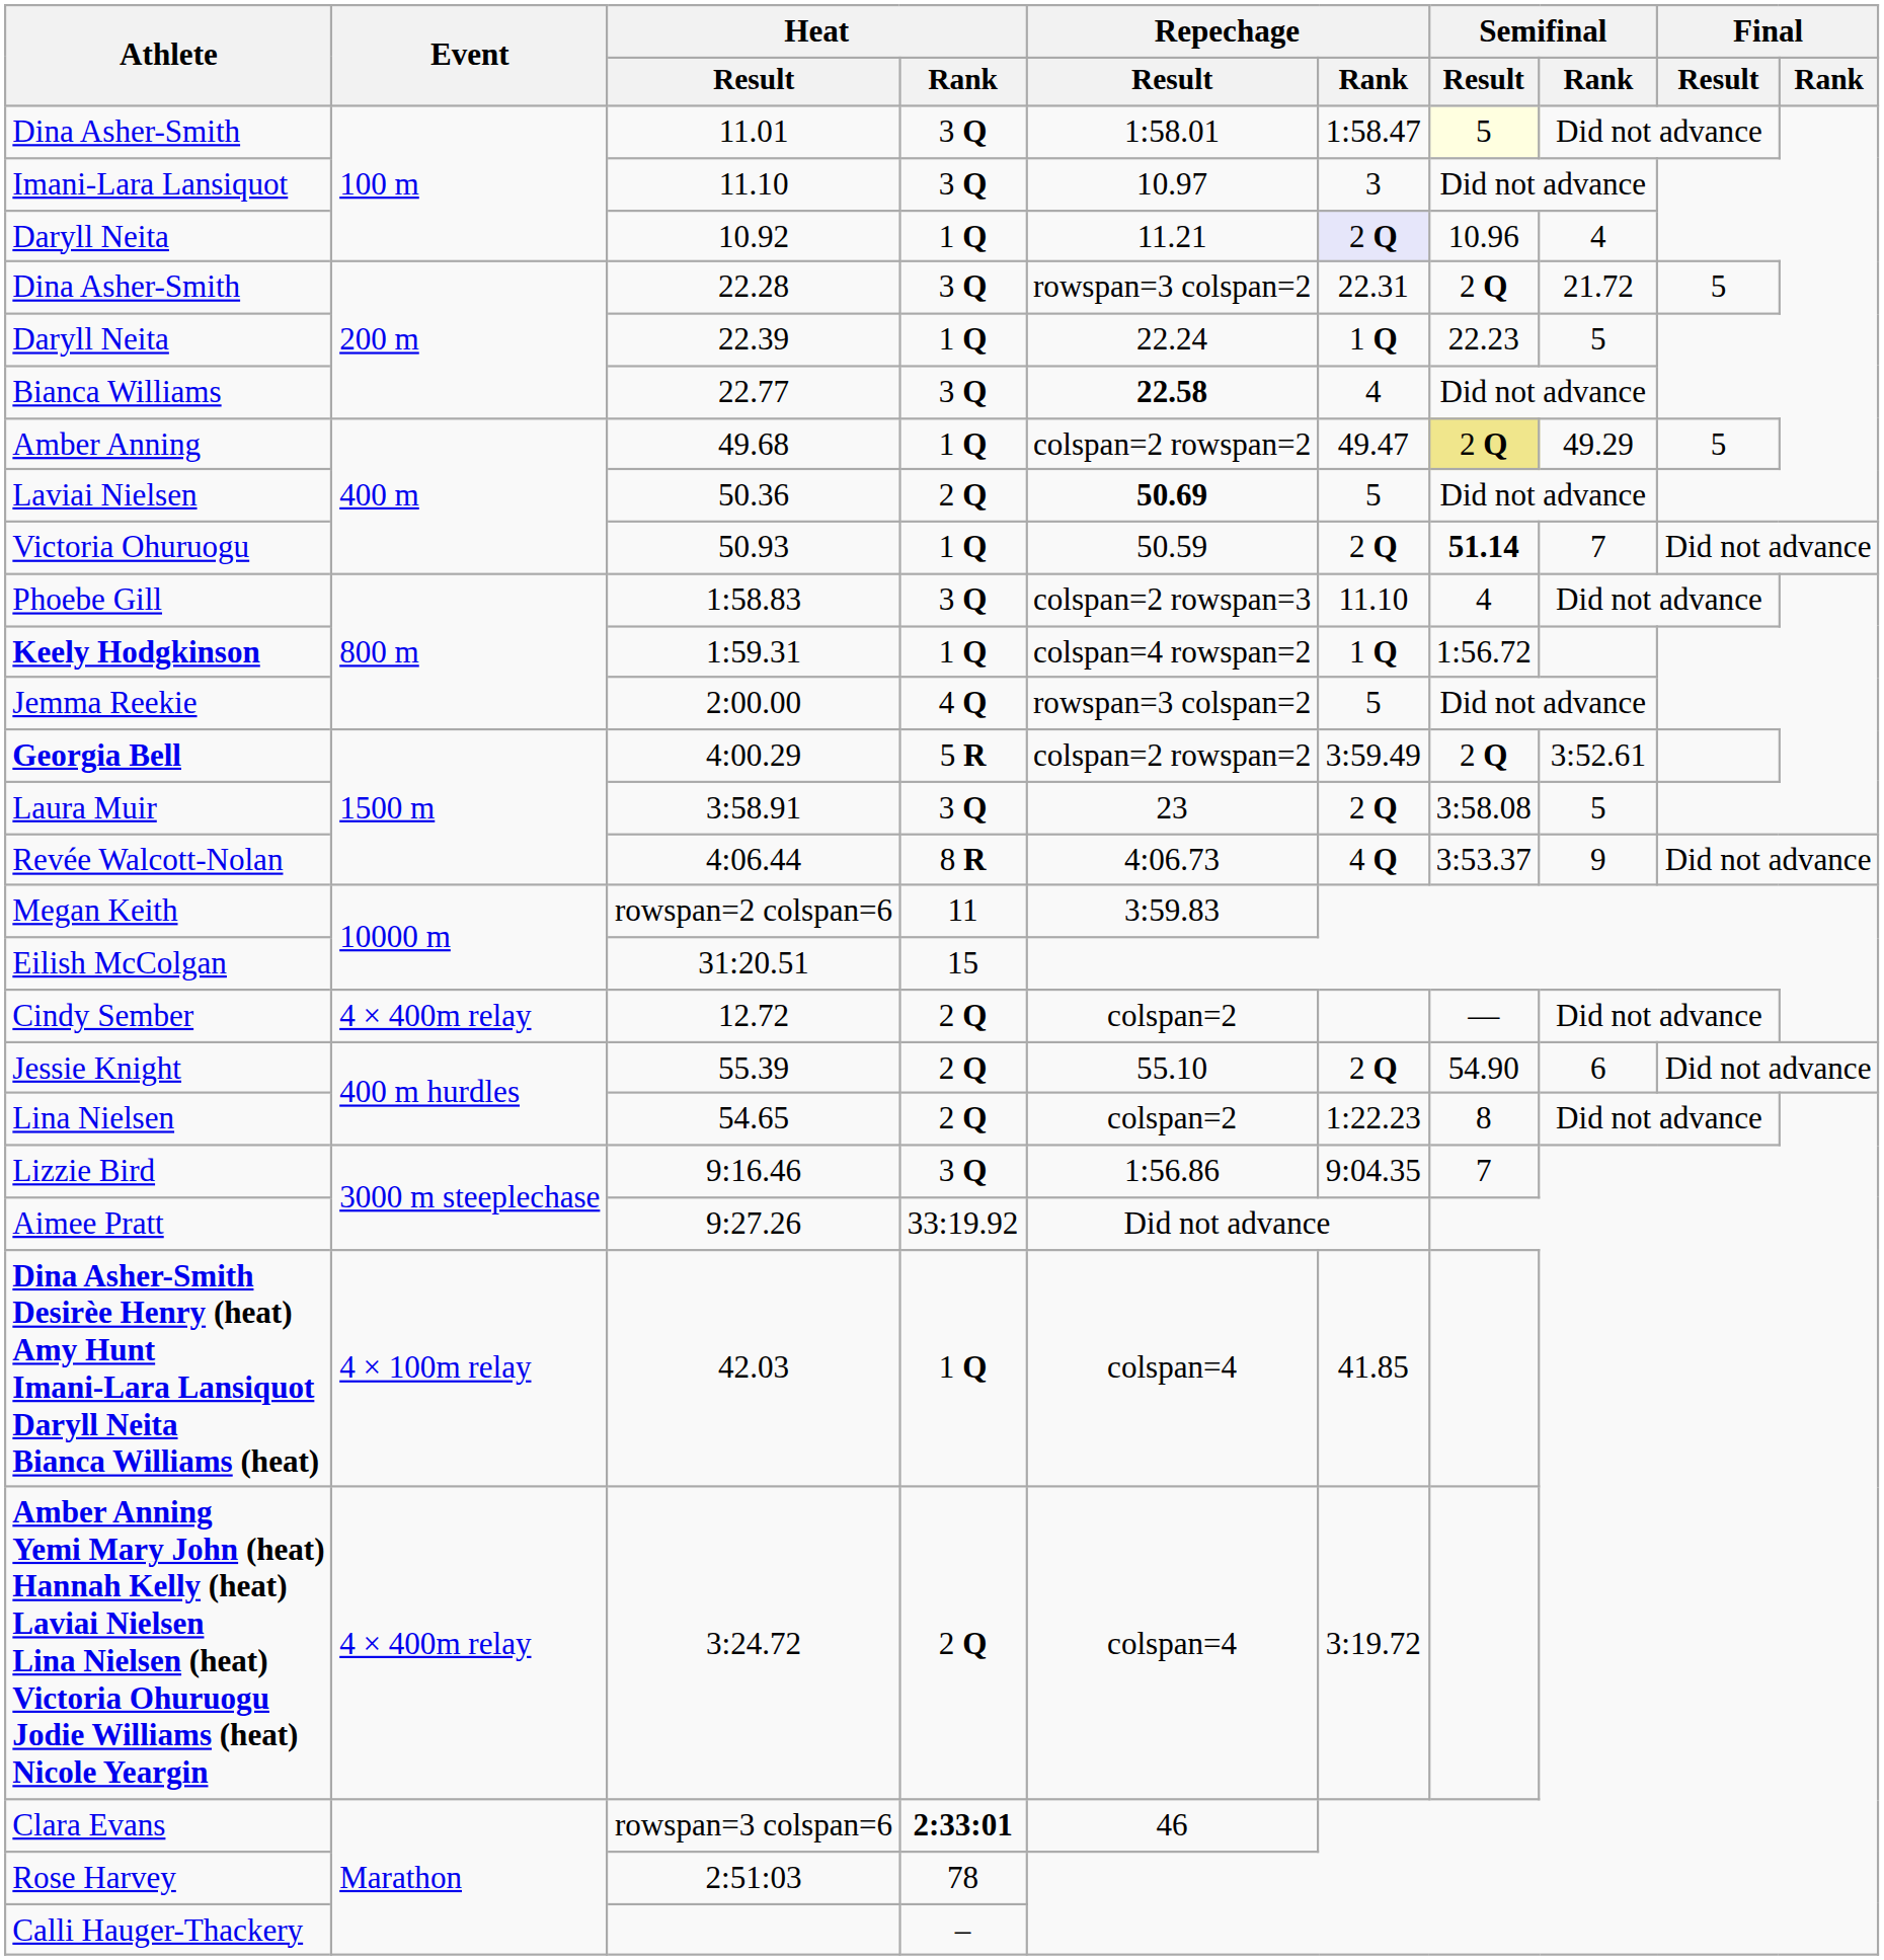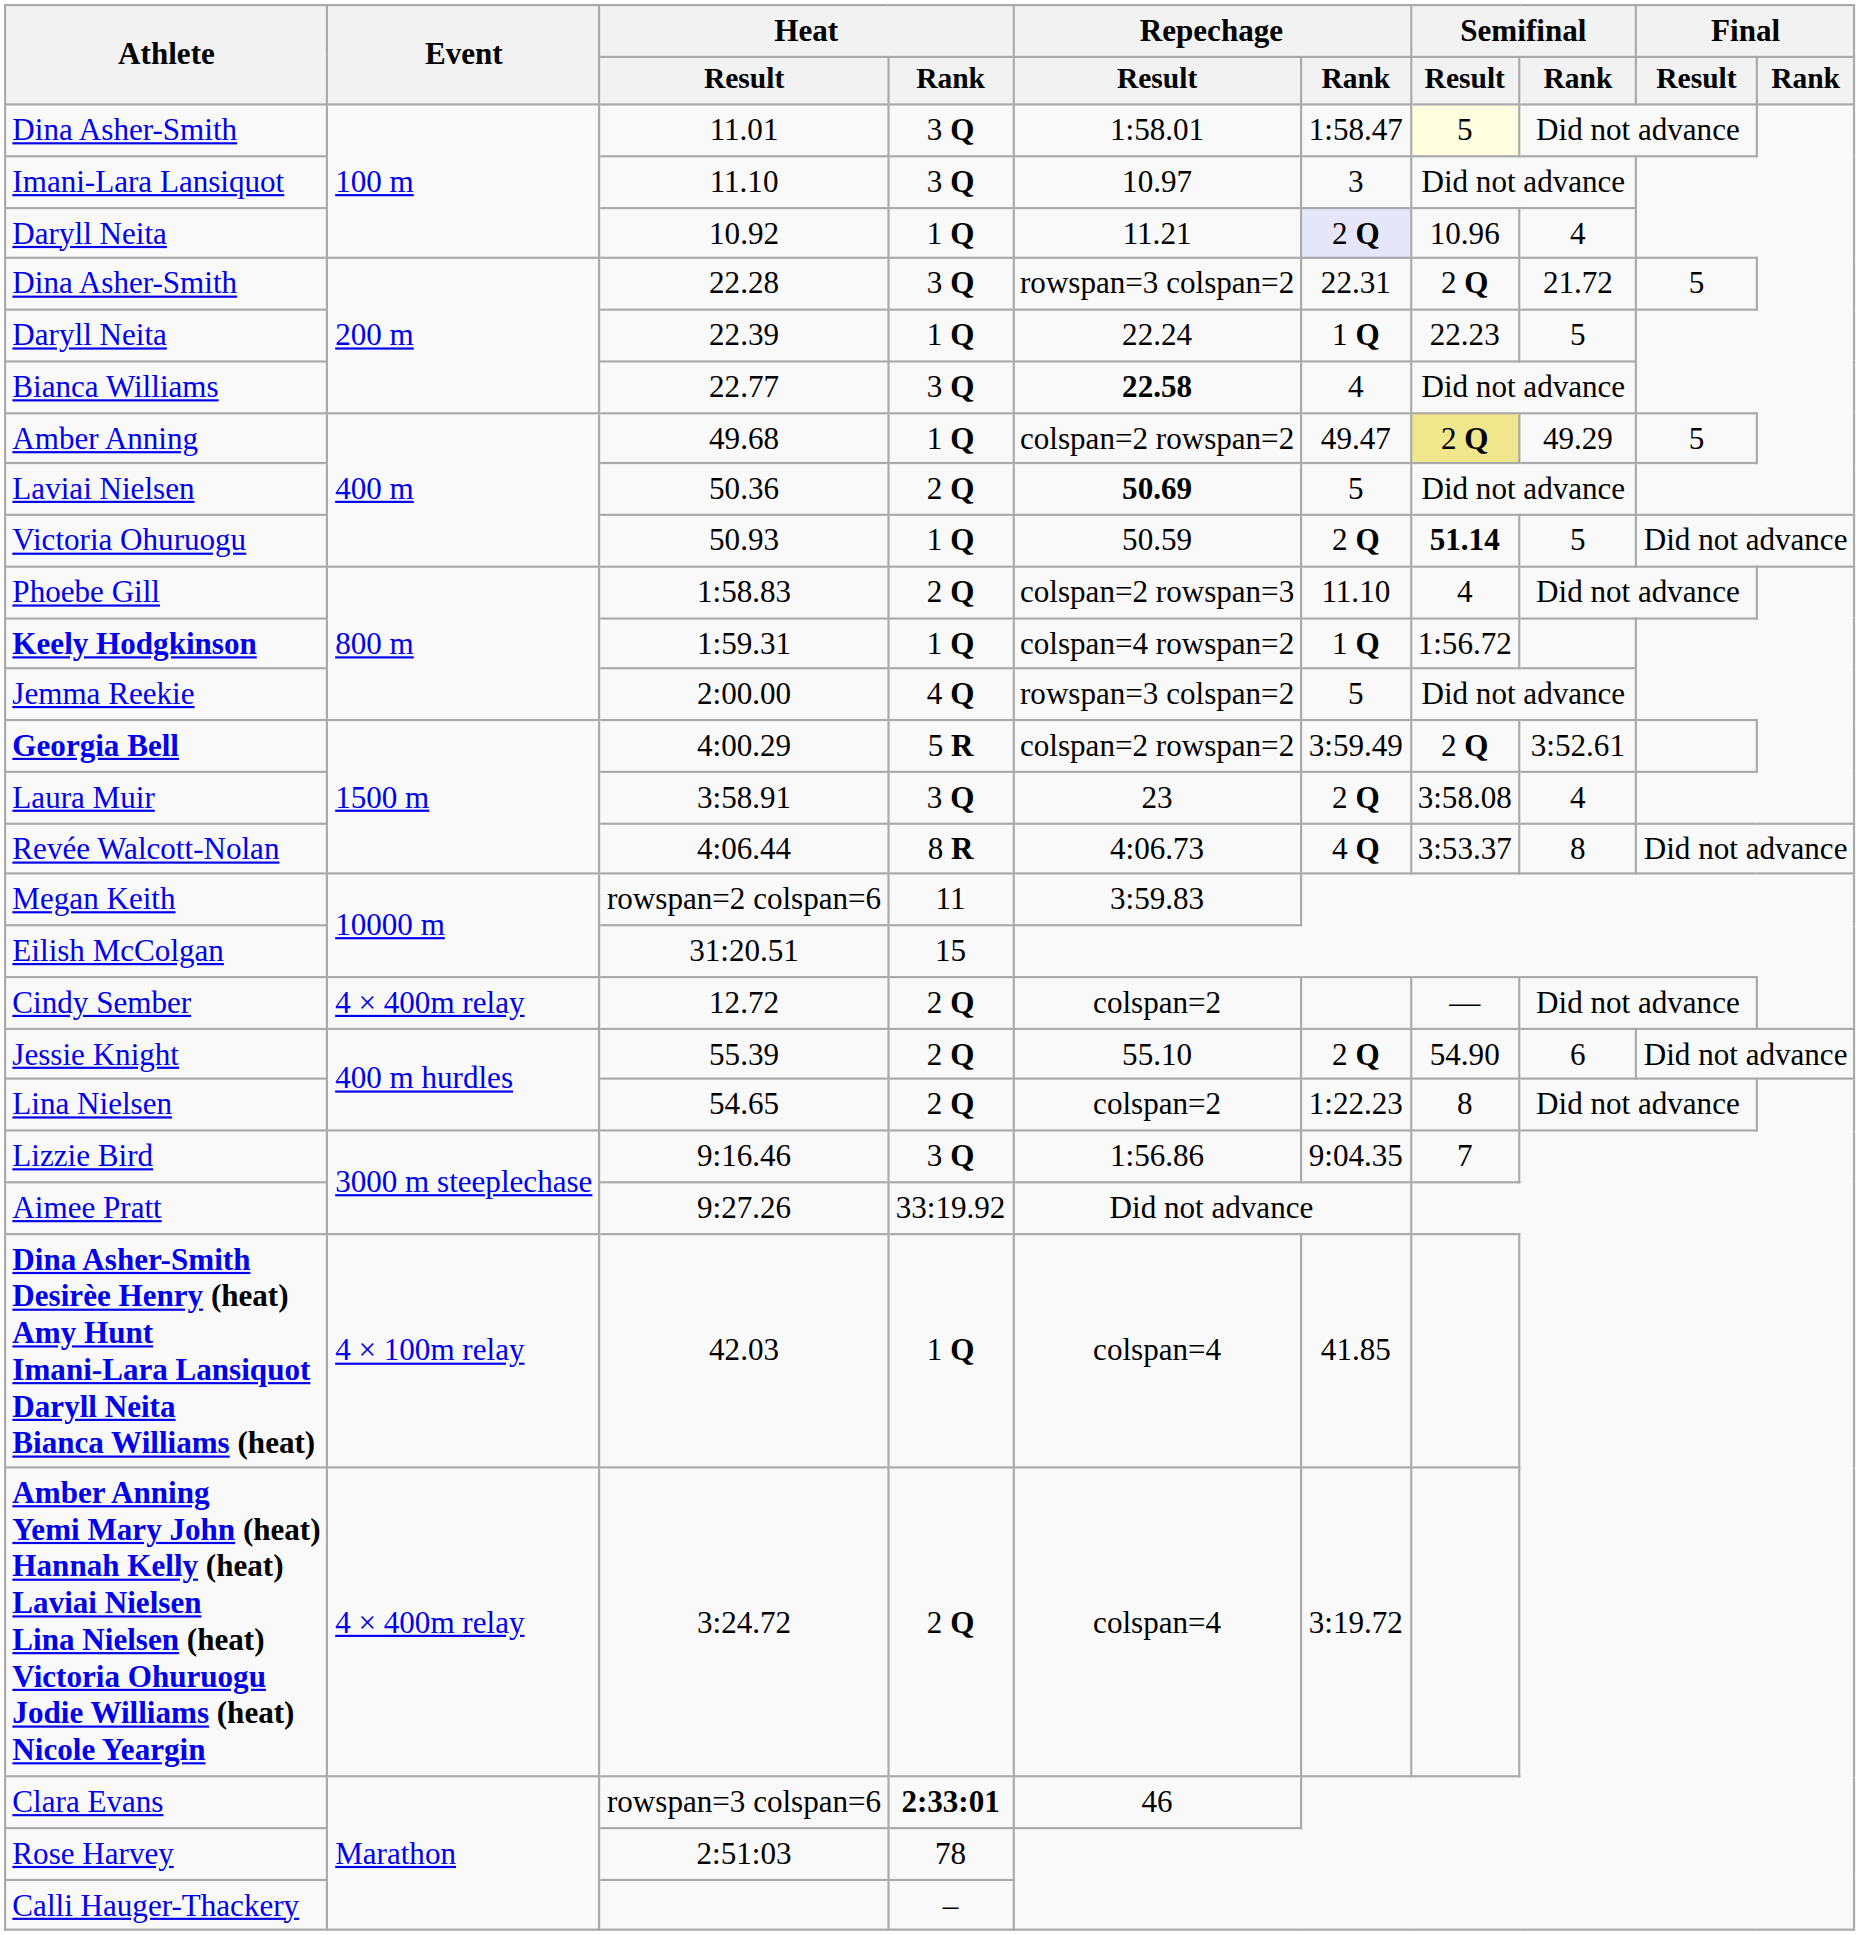 <table class="wikitable" style="font-size:90%">
 <tr>
 <th rowspan="2">Athlete</th>
 <th rowspan="2">Event</th>
 <th colspan="2">Heat</th>
 <th colspan="2">Repechage</th>
 <th colspan="2">Semifinal</th>
 <th colspan="2">Final</th>
 </tr>
 <tr style="font-size:95%">
 <th>Result</th>
 <th>Rank</th>
 <th>Result</th>
 <th>Rank</th>
 <th>Result</th>
 <th>Rank</th>
 <th>Result</th>
 <th>Rank</th>
 </tr>
 <tr align=center>
 <td align=left><a href='#'>Dina Asher-Smith</a></td>
 <td align=left rowspan=3><a href='#'>100 m</a></td>
 <td>11.01</td>
 <td>3 <strong>Q</strong></td>
 <td>1:58.01</td>
 <td>1:58.47</td>
 <td style="background: lightyellow;">5</td>
 <td colspan="2">Did not advance</td>
 </tr>
 <tr align=center>
 <td align=left><a href='#'>Imani-Lara Lansiquot</a></td>
 <td>11.10</td>
 <td>3 <strong>Q</strong></td>
 <td>10.97</td>
 <td>3</td>
 <td colspan="2">Did not advance</td>
 </tr>
 <tr align=center>
 <td align=left><a href='#'>Daryll Neita</a></td>
 <td>10.92</td>
 <td>1 <strong>Q</strong></td>
 <td>11.21</td>
 <td style="background: lavender;">2 <strong>Q</strong></td>
 <td>10.96</td>
 <td>4</td>
 </tr>
 <tr align=center>
 <td align=left><a href='#'>Dina Asher-Smith</a></td>
 <td align=left rowspan=3><a href='#'>200 m</a></td>
 <td>22.28</td>
 <td>3 <strong>Q</strong></td>
 <td>rowspan=3 colspan=2 </td>
 <td>22.31</td>
 <td>2 <strong>Q</strong></td>
 <td>21.72</td>
 <td>5</td>
 </tr>
 <tr align=center>
 <td align=left><a href='#'>Daryll Neita</a></td>
 <td>22.39</td>
 <td>1 <strong>Q</strong></td>
 <td>22.24</td>
 <td>1 <strong>Q</strong></td>
 <td>22.23</td>
 <td>5</td>
 </tr>
 <tr align=center>
 <td align=left><a href='#'>Bianca Williams</a></td>
 <td>22.77</td>
 <td>3 <strong>Q</strong></td>
 <td><strong>22.58</strong></td>
 <td>4</td>
 <td colspan="2">Did not advance</td>
 </tr>
 <tr align=center>
 <td align=left><a href='#'>Amber Anning</a></td>
 <td align=left rowspan=3><a href='#'>400 m</a></td>
 <td>49.68</td>
 <td>1 <strong>Q</strong></td>
 <td>colspan=2 rowspan=2 </td>
 <td>49.47</td>
 <td style="background: khaki;">2 <strong>Q</strong></td>
 <td>49.29 <strong></strong></td>
 <td>5</td>
 </tr>
 <tr align=center>
 <td align=left><a href='#'>Laviai Nielsen</a></td>
 <td>50.36</td>
 <td>2 <strong>Q</strong></td>
 <td><strong>50.69</strong></td>
 <td>5</td>
 <td colspan="2">Did not advance</td>
 </tr>
 <tr align=center>
 <td align=left><a href='#'>Victoria Ohuruogu</a></td>
 <td>50.93</td>
 <td>1 <strong>Q</strong></td>
 <td>50.59</td>
 <td>2 <strong>Q</strong></td>
 <td><strong>51.14</strong></td>
-<td>7</td>
+<td>5</td>
 <td colspan="2">Did not advance</td>
 </tr>
 <tr align=center>
 <td align=left><a href='#'>Phoebe Gill</a></td>
 <td align=left rowspan=3><a href='#'>800 m</a></td>
 <td>1:58.83</td>
-<td>3 <strong>Q</strong></td>
+<td>2 <strong>Q</strong></td>
 <td>colspan=2 rowspan=3 </td>
 <td>11.10</td>
 <td>4</td>
 <td colspan=2>Did not advance</td>
 </tr>
 <tr align=center>
 <td align=left><strong><a href='#'>Keely Hodgkinson</a></strong></td>
 <td>1:59.31</td>
 <td>1 <strong>Q</strong></td>
 <td>colspan=4 rowspan=2 </td>
 <td>1 <strong>Q</strong></td>
 <td>1:56.72</td>
 <td></td>
 </tr>
 <tr align=center>
 <td align=left><a href='#'>Jemma Reekie</a></td>
 <td>2:00.00</td>
 <td>4 <strong>Q</strong></td>
 <td>rowspan=3 colspan=2 </td>
 <td>5</td>
 <td colspan=2>Did not advance</td>
 </tr>
 <tr align=center>
 <td align=left><strong><a href='#'>Georgia Bell</a></strong></td>
 <td align=left rowspan=3><a href='#'>1500 m</a></td>
 <td>4:00.29</td>
 <td>5 <strong>R</strong></td>
 <td>colspan=2 rowspan=2 </td>
 <td>3:59.49</td>
 <td>2 <strong>Q</strong></td>
 <td>3:52.61 <strong></strong></td>
 <td></td>
 </tr>
 <tr align=center>
 <td align=left><a href='#'>Laura Muir</a></td>
 <td>3:58.91</td>
 <td>3 <strong>Q</strong></td>
 <td>23</td>
 <td>2 <strong>Q</strong></td>
 <td>3:58.08</td>
-<td>5</td>
+<td>4</td>
 </tr>
 <tr align=center>
 <td align=left><a href='#'>Revée Walcott-Nolan</a></td>
 <td>4:06.44</td>
 <td>8 <strong>R</strong></td>
 <td>4:06.73</td>
 <td>4 <strong>Q</strong></td>
 <td>3:53.37</td>
-<td>9</td>
+<td>8</td>
 <td colspan="2">Did not advance</td>
 </tr>
 <tr align=center>
 <td align=left><a href='#'>Megan Keith</a></td>
 <td align=left rowspan=2><a href='#'>10000 m</a></td>
 <td>rowspan=2 colspan=6 </td>
 <td>11</td>
 <td>3:59.83</td>
 </tr>
 <tr align=center>
 <td align=left><a href='#'>Eilish McColgan</a></td>
 <td>31:20.51</td>
 <td>15</td>
 </tr>
 <tr align=center>
 <td align=left><a href='#'>Cindy Sember</a></td>
 <td align=left><a href='#'>4 × 400m relay</a></td>
 <td>12.72</td>
 <td>2 <strong>Q</strong></td>
 <td>colspan=2 </td>
 <td></td>
 <td>—</td>
 <td colspan="2">Did not advance</td>
 </tr>
 <tr align=center>
 <td align=left><a href='#'>Jessie Knight</a></td>
 <td rowspan="2" align="left"><a href='#'>400 m hurdles</a></td>
 <td>55.39</td>
 <td>2 <strong>Q</strong></td>
 <td>55.10</td>
 <td>2 <strong>Q</strong></td>
 <td>54.90</td>
 <td>6</td>
 <td colspan="2">Did not advance</td>
 </tr>
 <tr align=center>
 <td align=left><a href='#'>Lina Nielsen</a></td>
 <td>54.65</td>
 <td>2 <strong>Q</strong></td>
 <td>colspan=2 </td>
 <td>1:22.23</td>
 <td>8</td>
 <td colspan="2">Did not advance</td>
 </tr>
 <tr align=center>
 <td align=left><a href='#'>Lizzie Bird</a></td>
 <td align=left rowspan=2><a href='#'>3000 m steeplechase</a></td>
 <td>9:16.46</td>
 <td>3 <strong>Q</strong></td>
 <td>1:56.86</td>
 <td>9:04.35 <strong></strong></td>
 <td>7</td>
 </tr>
 <tr align=center>
 <td align=left><a href='#'>Aimee Pratt</a></td>
 <td>9:27.26</td>
 <td>33:19.92</td>
 <td Colspan=2>Did not advance</td>
 </tr>
 <tr align=center>
 <td align=left><strong><a href='#'>Dina Asher-Smith</a><br><a href='#'>Desirèe Henry</a> (heat)<br><a href='#'>Amy Hunt</a><br><a href='#'>Imani-Lara Lansiquot</a><br><a href='#'>Daryll Neita</a><br><a href='#'>Bianca Williams</a> (heat)</strong></td>
 <td align=left><a href='#'>4 × 100m relay</a></td>
 <td>42.03</td>
 <td>1 <strong>Q</strong></td>
 <td>colspan=4 </td>
 <td>41.85</td>
 <td></td>
 </tr>
 <tr align=center>
 <td align=left><strong><a href='#'>Amber Anning</a></strong><br><strong><a href='#'>Yemi Mary John</a> (heat)</strong><br><strong><a href='#'>Hannah Kelly</a> (heat)</strong><br><strong><a href='#'>Laviai Nielsen</a></strong><br><strong><a href='#'>Lina Nielsen</a> (heat)</strong><br><strong><a href='#'>Victoria Ohuruogu</a></strong><br><strong><a href='#'>Jodie Williams</a> (heat)</strong><br><strong><a href='#'>Nicole Yeargin</a></strong></td>
 <td align=left><a href='#'>4 × 400m relay</a></td>
 <td>3:24.72 <strong></strong></td>
 <td>2 <strong>Q</strong></td>
 <td>colspan=4 </td>
 <td>3:19.72 <strong></strong></td>
 <td></td>
 </tr>
 <tr align=center>
 <td align=left><a href='#'>Clara Evans</a></td>
 <td align=left rowspan=3><a href='#'>Marathon</a></td>
 <td>rowspan=3 colspan=6 </td>
 <td><strong>2:33:01</strong></td>
 <td>46</td>
 </tr>
 <tr align=center>
 <td align=left><a href='#'>Rose Harvey</a></td>
 <td>2:51:03</td>
 <td>78</td>
 </tr>
 <tr align=center>
 <td align=left><a href='#'>Calli Hauger-Thackery</a></td>
 <td></td>
 <td>–</td>
 </tr>
 </table>
